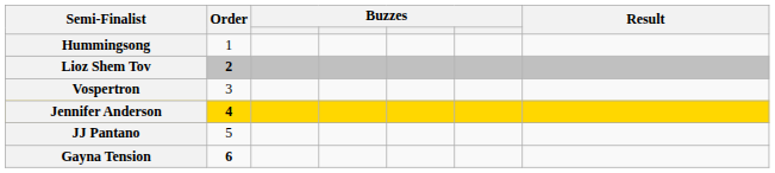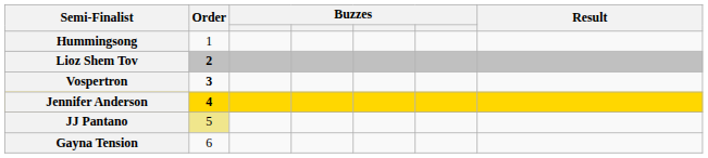 <table class="wikitable plainrowheaders sortable" style="text-align:center;">
 <tr>
 <th scope="col" rowspan="2" class="unsortable" style="width:17em;">Semi-Finalist</th>
 <th scope="col" rowspan="2" style="width:1em;">Order</th>
 <th scope="col" colspan="4" class="unsortable" style="width:24em;">Buzzes</th>
 <th scope="col" rowspan="2" style="width:23em;">Result</th>
 </tr>
 <tr>
 <th scope="col" class="unsortable" style="width:6em;"></th>
 <th scope="col" class="unsortable" style="width:6em;"></th>
 <th scope="col" class="unsortable" style="width:6em;"></th>
 <th scope="col" class="unsortable" style="width:6em;"></th>
 </tr>
 <tr>
 <th scope="row">Hummingsong</th>
 <td>1</td>
 <td style="text-align:center;"></td>
 <td style="text-align:center;"></td>
 <td style="text-align:center;"></td>
 <td style="text-align:center;"></td>
 <td></td>
 </tr>
 <tr bgcolor=silver>
 <th scope="row"><strong>Lioz Shem Tov</strong></th>
 <td><strong>2</strong></td>
 <td style="text-align:center;"></td>
 <td style="text-align:center;"></td>
 <td style="text-align:center;"></td>
 <td style="text-align:center;"></td>
 <td><strong></strong></td>
 </tr>
 <tr>
 <th scope="row">Vospertron</th>
-<td>3</td>
+<td><strong>3</strong></td>
 <td style="text-align:center;"></td>
 <td style="text-align:center;"></td>
 <td style="text-align:center;"></td>
 <td style="text-align:center;"></td>
 <td></td>
 </tr>
 <tr bgcolor=gold>
 <th scope="row"><strong>Jennifer Anderson</strong></th>
 <td><strong>4</strong></td>
 <td style="text-align:center;"></td>
 <td style="text-align:center;"></td>
 <td style="text-align:center;"></td>
 <td style="text-align:center;"></td>
 <td><strong></strong></td>
 </tr>
 <tr>
 <th scope="row">JJ Pantano</th>
-<td>5</td>
+<td style="background: khaki;">5</td>
 <td style="text-align:center;"></td>
 <td style="text-align:center;"></td>
 <td style="text-align:center;"></td>
 <td style="text-align:center;"></td>
 <td></td>
 </tr>
 <tr>
 <th scope="row">Gayna Tension</th>
-<td><strong>6</strong></td>
+<td>6</td>
 <td style="text-align:center;"></td>
 <td style="text-align:center;"></td>
 <td style="text-align:center;"></td>
 <td style="text-align:center;"></td>
 <td></td>
 </tr>
 </table>
